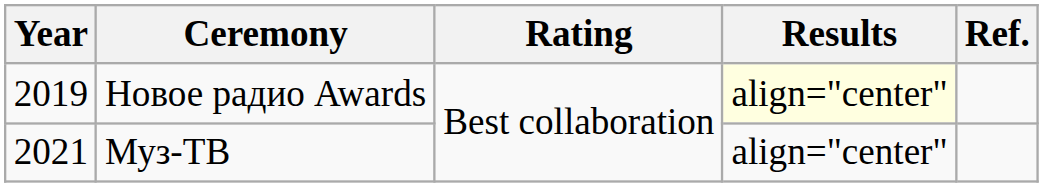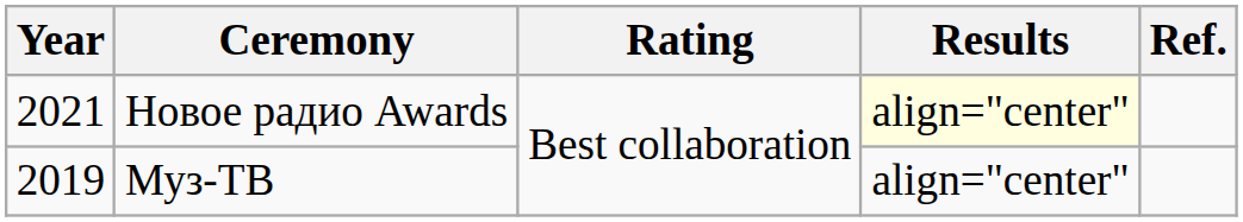 <table class="wikitable">
 <tr>
 <th>Year</th>
 <th>Ceremony</th>
 <th>Rating</th>
 <th>Results</th>
 <th>Ref.</th>
 </tr>
 <tr>
-<td>2019</td>
+<td>2021</td>
 <td>Новое радио Awards</td>
 <td rowspan="2">Best collaboration</td>
 <td style="background: lightyellow;">align="center" </td>
 <td align="center"></td>
 </tr>
 <tr>
-<td>2021</td>
+<td>2019</td>
 <td>Муз-ТВ</td>
 <td>align="center" </td>
 <td align="center"></td>
 </tr>
 </table>
